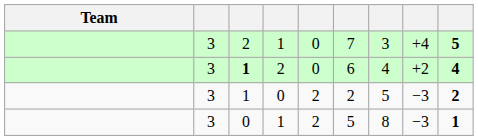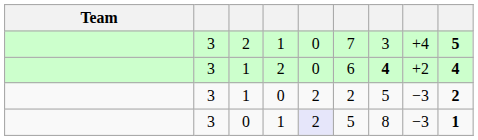 <table class="wikitable" style="text-align: center; font-size: 90%;">
 <tr>
 <th width=165>Team</th>
 <th width=25></th>
 <th width=25></th>
 <th width=25></th>
 <th width=25></th>
 <th width=25></th>
 <th width=25></th>
 <th width=25></th>
 <th width=25></th>
 </tr>
 <tr bgcolor=#ccffcc>
 <td align=left></td>
 <td>3</td>
 <td>2</td>
 <td>1</td>
 <td>0</td>
 <td>7</td>
 <td>3</td>
 <td>+4</td>
 <td><strong>5</strong></td>
 </tr>
 <tr bgcolor=#ccffcc>
 <td align=left></td>
 <td>3</td>
-<td><strong>1</strong></td>
+<td>1</td>
 <td>2</td>
 <td>0</td>
 <td>6</td>
-<td>4</td>
+<td><strong>4</strong></td>
 <td>+2</td>
 <td><strong>4</strong></td>
 </tr>
 <tr>
 <td align=left></td>
 <td>3</td>
 <td>1</td>
 <td>0</td>
 <td>2</td>
 <td>2</td>
 <td>5</td>
 <td>−3</td>
 <td><strong>2</strong></td>
 </tr>
 <tr>
 <td align=left></td>
 <td>3</td>
 <td>0</td>
 <td>1</td>
-<td>2</td>
+<td style="background: lavender;">2</td>
 <td>5</td>
 <td>8</td>
 <td>−3</td>
 <td><strong>1</strong></td>
 </tr>
 </table>
